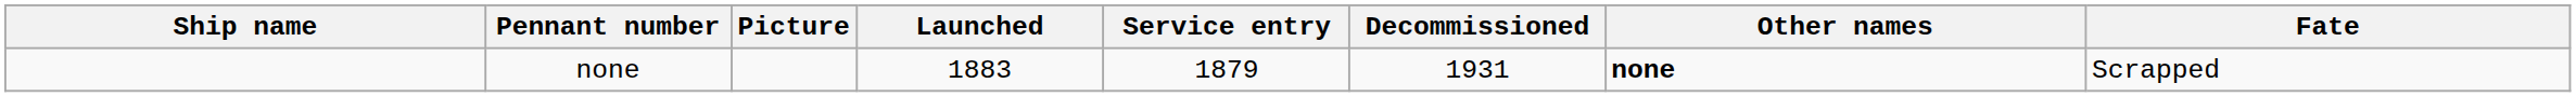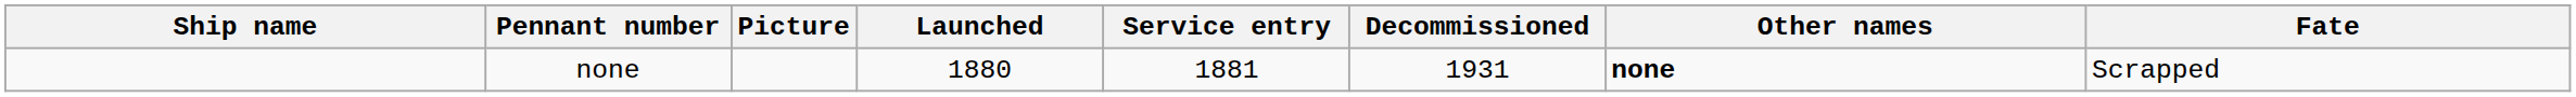 <table class="wikitable">
 <tr>
 <th width="20%">Ship name</th>
 <th width="10%">Pennant number</th>
 <th>Picture</th>
 <th width="10%">Launched</th>
 <th width="10%">Service entry</th>
 <th width="10%">Decommissioned</th>
 <th width="20%">Other names</th>
 <th width="20%">Fate</th>
 </tr>
 <tr>
 <td align="left"></td>
 <td align="center">none</td>
 <td></td>
-<td align="center">1883</td>
-<td align="center">1879</td>
+<td align="center">1880</td>
+<td align="center">1881</td>
 <td align="center">1931</td>
 <td align="left"><strong>none</strong></td>
 <td align="left">Scrapped</td>
 </tr>
 </table>
